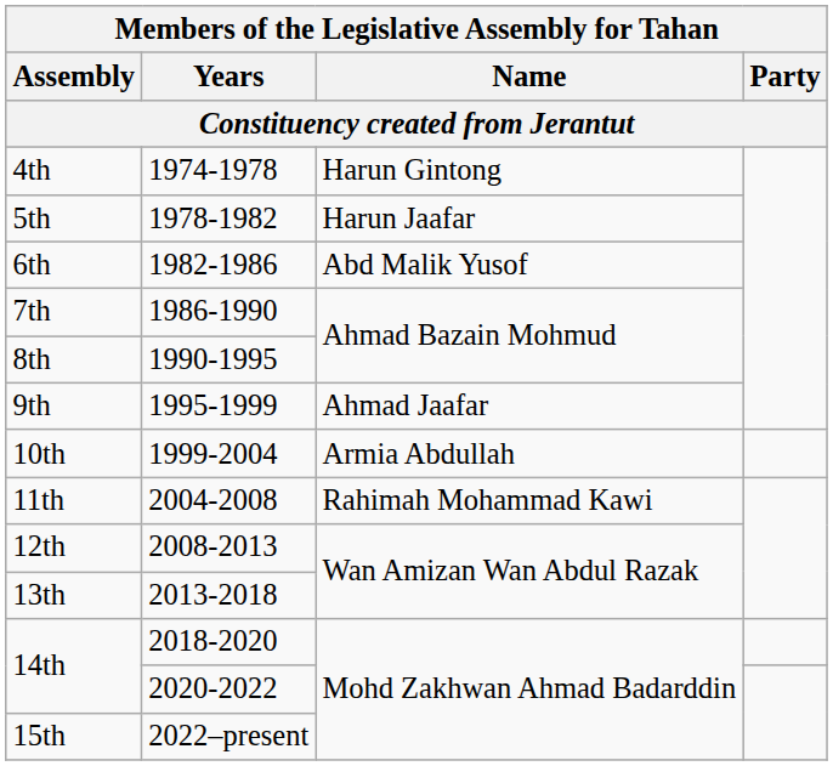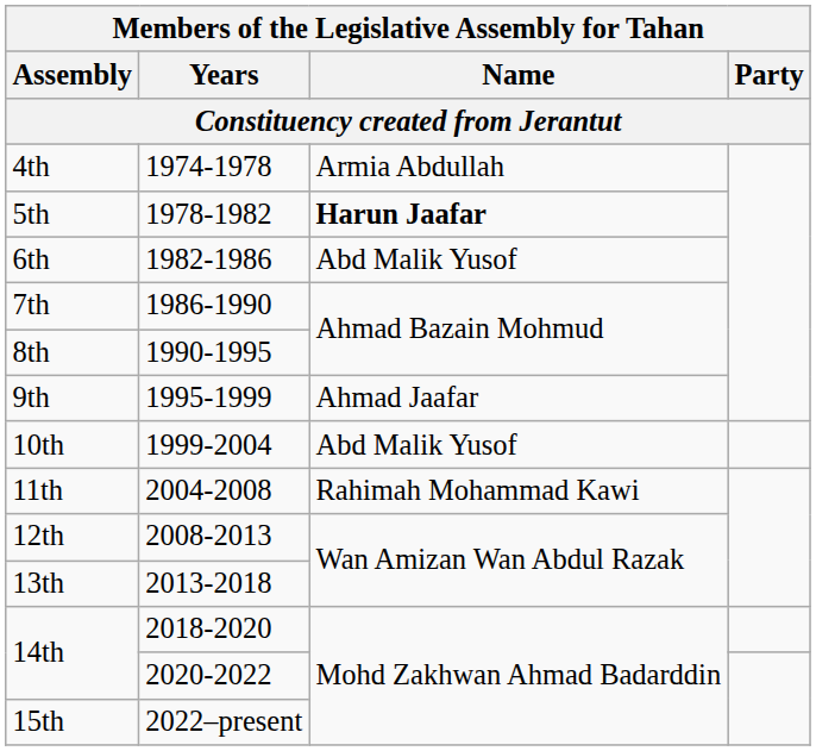 <table class="wikitable">
 <tr>
 <th colspan="4">Members of the Legislative Assembly for Tahan</th>
 </tr>
 <tr>
 <th>Assembly</th>
 <th>Years</th>
 <th>Name</th>
 <th>Party</th>
 </tr>
 <tr>
 <th colspan="4"><em>Constituency created from Jerantut</em></th>
 </tr>
 <tr>
 <td>4th</td>
 <td>1974-1978</td>
-<td>Harun Gintong</td>
+<td>Armia Abdullah</td>
 <td rowspan="6"></td>
 </tr>
 <tr>
 <td>5th</td>
 <td>1978-1982</td>
-<td>Harun Jaafar</td>
+<td><strong>Harun Jaafar</strong></td>
 </tr>
 <tr>
 <td>6th</td>
 <td>1982-1986</td>
 <td>Abd Malik Yusof</td>
 </tr>
 <tr>
 <td>7th</td>
 <td>1986-1990</td>
 <td rowspan="2">Ahmad Bazain Mohmud</td>
 </tr>
 <tr>
 <td>8th</td>
 <td>1990-1995</td>
 </tr>
 <tr>
 <td>9th</td>
 <td>1995-1999</td>
 <td>Ahmad Jaafar</td>
 </tr>
 <tr>
 <td>10th</td>
 <td>1999-2004</td>
-<td>Armia Abdullah</td>
+<td>Abd Malik Yusof</td>
 <td></td>
 </tr>
 <tr>
 <td>11th</td>
 <td>2004-2008</td>
 <td>Rahimah Mohammad Kawi</td>
 <td rowspan="3"></td>
 </tr>
 <tr>
 <td>12th</td>
 <td>2008-2013</td>
 <td rowspan="2">Wan Amizan Wan Abdul Razak</td>
 </tr>
 <tr>
 <td>13th</td>
 <td>2013-2018</td>
 </tr>
 <tr>
 <td rowspan="2">14th</td>
 <td>2018-2020</td>
 <td rowspan="3">Mohd Zakhwan Ahmad Badarddin</td>
 <td></td>
 </tr>
 <tr>
 <td>2020-2022</td>
 <td rowspan="2"></td>
 </tr>
 <tr>
 <td>15th</td>
 <td>2022–present</td>
 </tr>
 </table>
